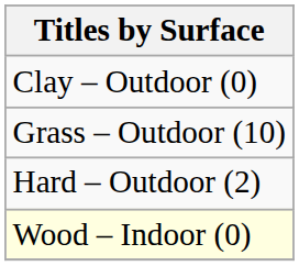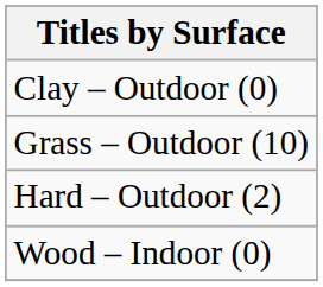 <table class="wikitable" style="display:inline-table;">
 <tr>
 <th>Titles by Surface</th>
 </tr>
 <tr>
 <td>Clay – Outdoor (0)</td>
 </tr>
 <tr>
 <td>Grass – Outdoor (10)</td>
 </tr>
 <tr>
 <td>Hard – Outdoor (2)</td>
 </tr>
 <tr>
-<td style="background: lightyellow;">Wood – Indoor (0)</td>
+<td>Wood – Indoor (0)</td>
 </tr>
 <tr>
 </tr>
 </table>
